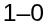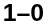 <table style="text-align:center">
 <tr>
 <th width=200></th>
 <th width=100></th>
 <th width=200></th>
 </tr>
 <tr>
 <td align=right></td>
-<td>1–0</td>
+<td><strong>1–0</strong></td>
 <td align=left></td>
 </tr>
 </table>
